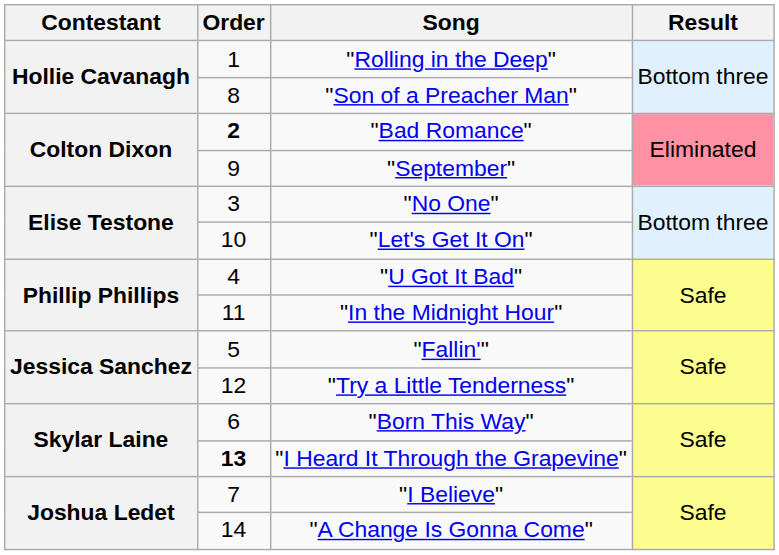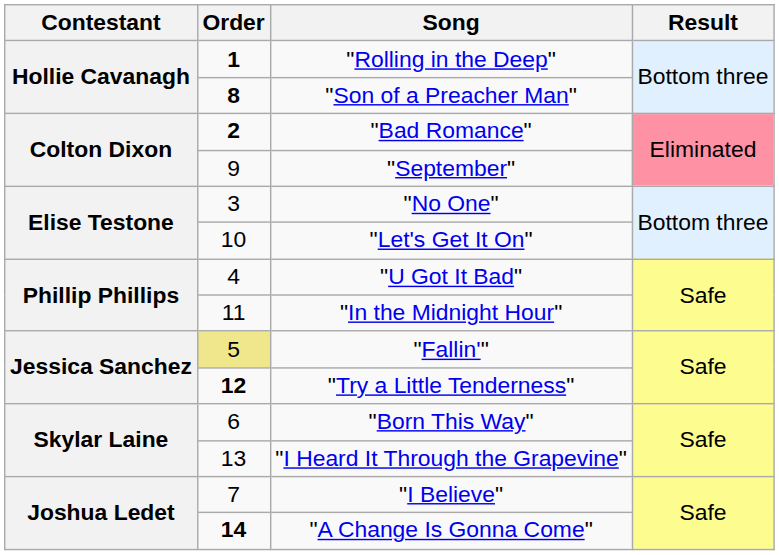 <table class="wikitable unsortable" style="text-align:center;">
 <tr>
 <th scope="col">Contestant</th>
 <th scope="col">Order</th>
 <th scope="col">Song</th>
 <th scope="col">Result</th>
 </tr>
 <tr>
 <th scope="row" rowspan="2">Hollie Cavanagh</th>
-<td>1</td>
+<td><strong>1</strong></td>
 <td>"<a href='#'>Rolling in the Deep</a>"</td>
 <td rowspan="2" bgcolor="E0F0FF">Bottom three</td>
 </tr>
 <tr>
-<td>8</td>
+<td><strong>8</strong></td>
 <td>"<a href='#'>Son of a Preacher Man</a>"</td>
 </tr>
 <tr>
 <th scope="row" rowspan="2">Colton Dixon</th>
 <td><strong>2</strong></td>
 <td>"<a href='#'>Bad Romance</a>"</td>
 <td rowspan="2" bgcolor="FF91A4">Eliminated</td>
 </tr>
 <tr>
 <td>9</td>
 <td>"<a href='#'>September</a>"</td>
 </tr>
 <tr>
 <th scope="row" rowspan="2">Elise Testone</th>
 <td>3</td>
 <td>"<a href='#'>No One</a>"</td>
 <td rowspan="2" bgcolor="E0F0FF">Bottom three</td>
 </tr>
 <tr>
 <td>10</td>
 <td>"<a href='#'>Let's Get It On</a>"</td>
 </tr>
 <tr>
 <th scope="row" rowspan="2">Phillip Phillips</th>
 <td>4</td>
 <td>"<a href='#'>U Got It Bad</a>"</td>
 <td rowspan="2" style="background:#FDFC8F">Safe</td>
 </tr>
 <tr>
 <td>11</td>
 <td>"<a href='#'>In the Midnight Hour</a>"</td>
 </tr>
 <tr>
 <th scope="row" rowspan="2">Jessica Sanchez</th>
-<td>5</td>
+<td style="background: khaki;">5</td>
 <td>"<a href='#'>Fallin'</a>"</td>
 <td rowspan="2" style="background:#FDFC8F">Safe</td>
 </tr>
 <tr>
-<td>12</td>
+<td><strong>12</strong></td>
 <td>"<a href='#'>Try a Little Tenderness</a>"</td>
 </tr>
 <tr>
 <th scope="row" rowspan="2">Skylar Laine</th>
 <td>6</td>
 <td>"<a href='#'>Born This Way</a>"</td>
 <td rowspan="2" style="background:#FDFC8F">Safe</td>
 </tr>
 <tr>
-<td><strong>13</strong></td>
+<td>13</td>
 <td>"<a href='#'>I Heard It Through the Grapevine</a>"</td>
 </tr>
 <tr>
 <th scope="row" rowspan="2">Joshua Ledet</th>
 <td>7</td>
 <td>"<a href='#'>I Believe</a>"</td>
 <td rowspan="2" style="background:#FDFC8F">Safe</td>
 </tr>
 <tr>
-<td>14</td>
+<td><strong>14</strong></td>
 <td>"<a href='#'>A Change Is Gonna Come</a>"</td>
 </tr>
 </table>
